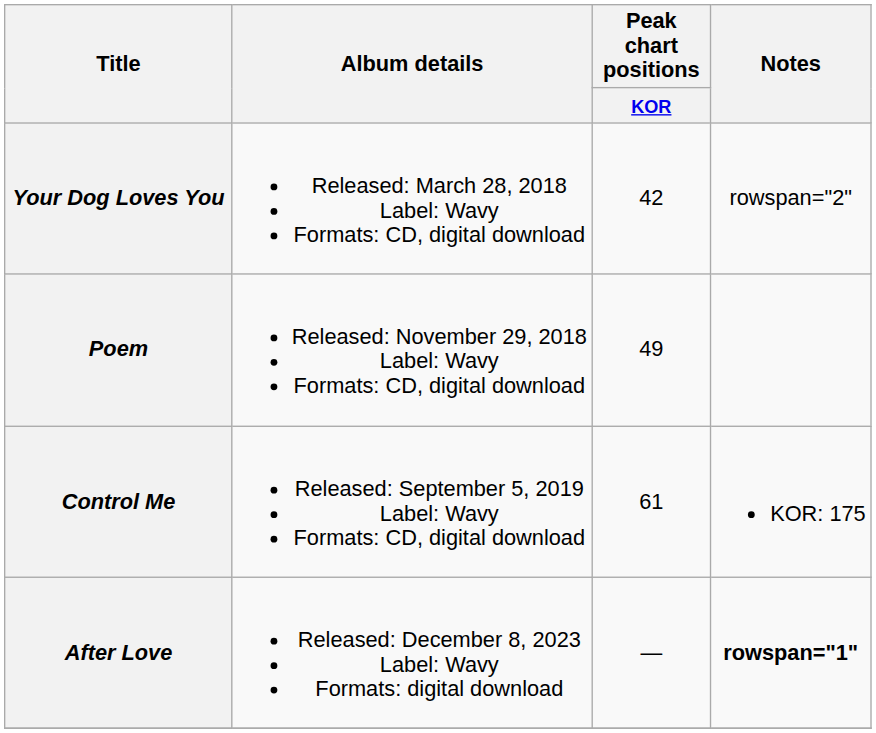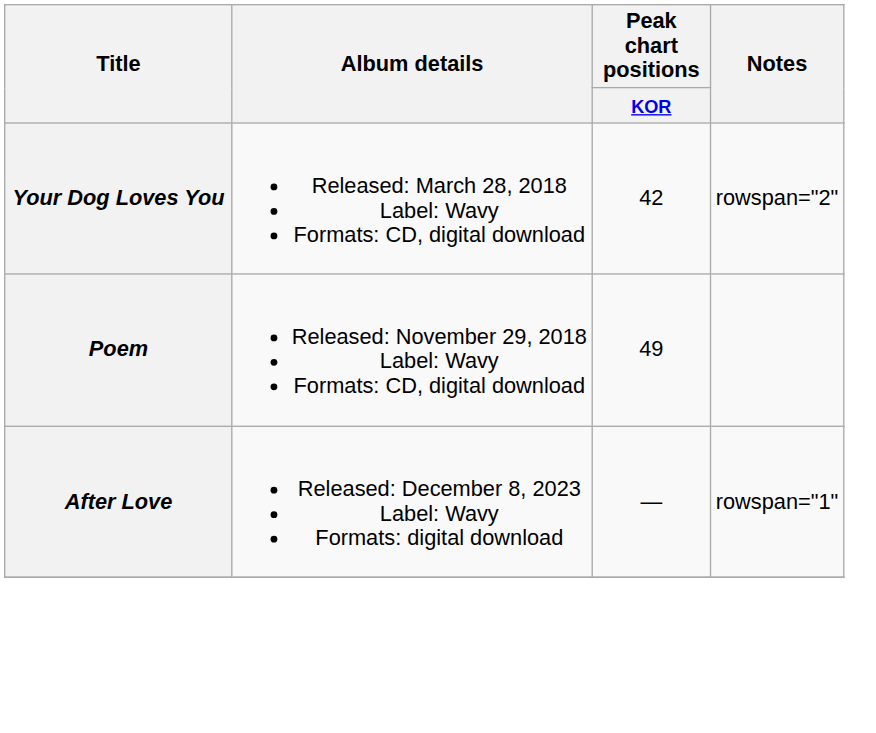 <table class="wikitable plainrowheaders" style="text-align:center;">
 <tr>
 <th scope="col" rowspan="2" style="width:10em;">Title</th>
 <th scope="col" rowspan="2">Album details</th>
 <th scope="col" colspan="1" style="width:5em;">Peak chart positions</th>
 <th scope="col" rowspan="2">Notes</th>
 </tr>
 <tr>
 <th><small><a href='#'>KOR</a></small><br></th>
 </tr>
 <tr>
 <th scope="row"><em>Your Dog Loves You</em></th>
 <td><br><ul><li>Released: March 28, 2018</li><li>Label: Wavy</li><li>Formats: CD, digital download</li></ul></td>
 <td>42</td>
 <td>rowspan="2"</td>
 </tr>
 <tr>
 <th scope="row"><em>Poem</em> </th>
 <td><br><ul><li>Released: November 29, 2018</li><li>Label: Wavy</li><li>Formats: CD, digital download</li></ul></td>
 <td>49</td>
 </tr>
 <tr>
-<th scope="row"><em>Control Me</em> </th>
-<td><br><ul><li>Released: September 5, 2019</li><li>Label: Wavy</li><li>Formats: CD, digital download</li></ul></td>
-<td>61</td>
-<td><br><ul><li>KOR: 175</li></ul></td>
-</tr>
-<tr>
 <th scope="row"><em>After Love</em></th>
 <td><br><ul><li>Released: December 8, 2023</li><li>Label: Wavy</li><li>Formats: digital download</li></ul></td>
 <td>—</td>
-<td><strong>rowspan="1"</strong></td>
+<td>rowspan="1"</td>
 </tr>
 <tr>
 </tr>
 </table>
